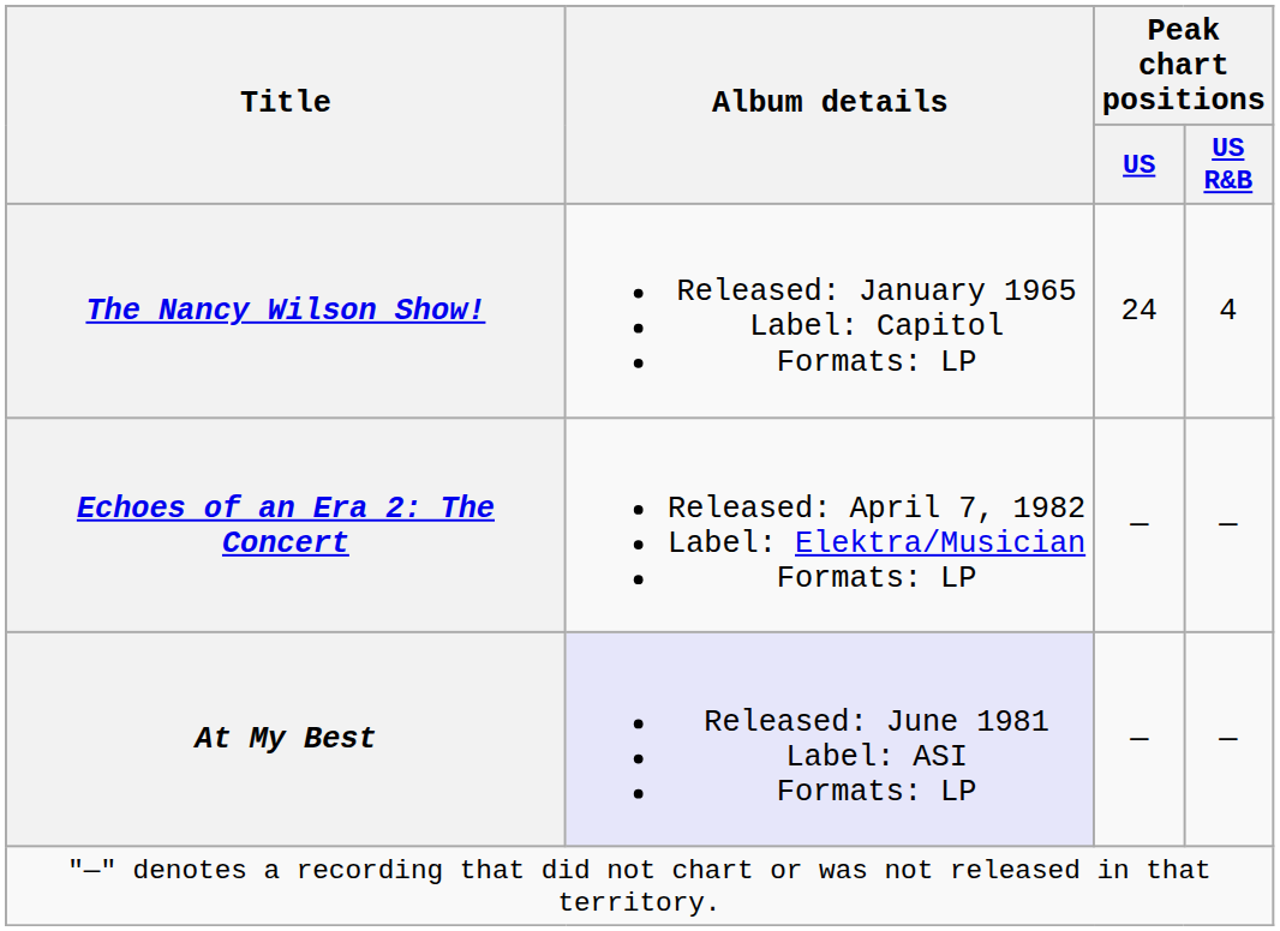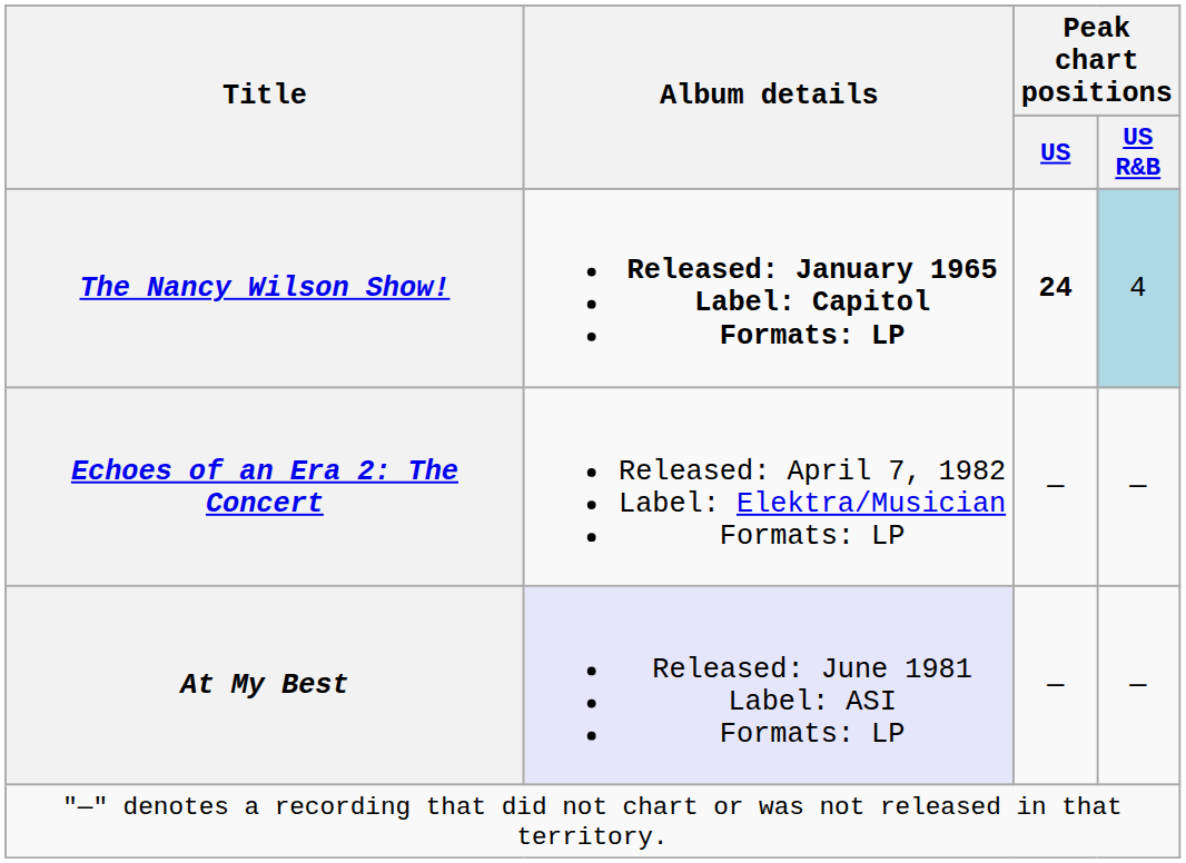 <table class="wikitable plainrowheaders" style="text-align:center;" border="1">
 <tr>
 <th scope="col" rowspan="2" style="width:18em;">Title</th>
 <th scope="col" rowspan="2" style="width:17em;">Album details</th>
 <th scope="col" colspan="3">Peak chart positions</th>
 </tr>
 <tr>
 <th scope="col" style="width:2em;font-size:90%;"><a href='#'>US</a><br></th>
 <th scope="col" style="width:2em;font-size:90%;"><a href='#'>US<br>R&B</a><br></th>
 </tr>
 <tr>
 <th scope="row"><em><a href='#'>The Nancy Wilson Show!</a></em></th>
-<td><br><ul><li>Released: January 1965</li><li>Label: Capitol</li><li>Formats: LP</li></ul></td>
-<td>24</td>
-<td>4</td>
+<td><strong><br><ul><li>Released: January 1965</li><li>Label: Capitol</li><li>Formats: LP</li></ul></strong></td>
+<td><strong>24</strong></td>
+<td style="background: lightblue;">4</td>
 </tr>
 <tr>
 <th scope="row"><em><a href='#'>Echoes of an Era 2: The Concert</a></em><br></th>
 <td><br><ul><li>Released: April 7, 1982</li><li>Label: <a href='#'>Elektra/Musician</a></li><li>Formats: LP</li></ul></td>
 <td>—</td>
 <td>—</td>
 </tr>
 <tr>
 <th scope="row"><em>At My Best</em></th>
 <td style="background: lavender;"><br><ul><li>Released: June 1981</li><li>Label: ASI</li><li>Formats: LP</li></ul></td>
 <td>—</td>
 <td>—</td>
 </tr>
 <tr>
 <td colspan="4" style="font-size:90%">"—" denotes a recording that did not chart or was not released in that territory.</td>
 </tr>
 </table>
